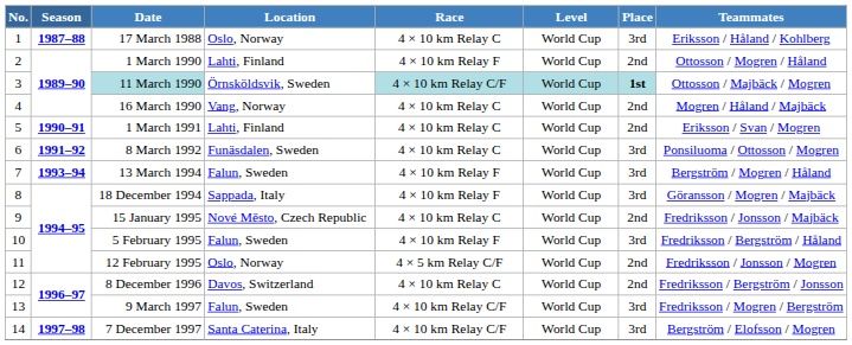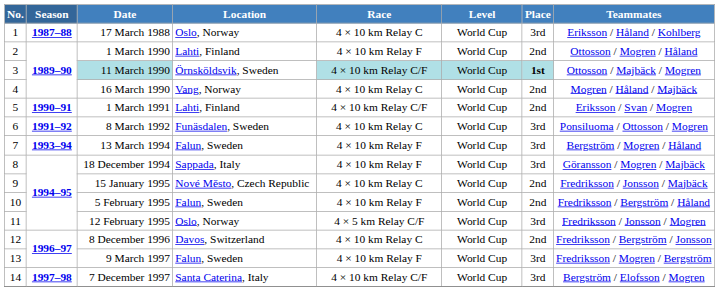 <table class="wikitable sortable" style="font-size:95%; text-align:center; border:grey solid 1px; border-collapse:collapse; background:#ffffff;">
 <tr style="background:#efefef;">
 <th style="background-color:#369; color:white;">No.</th>
 <th style="background-color:#369; color:white;">Season</th>
 <th style="background-color:#4180be; color:white; width:120px;">Date</th>
 <th style="background-color:#4180be; color:white; width:185px;">Location</th>
 <th style="background-color:#4180be; color:white; width:160px;">Race</th>
 <th style="background-color:#4180be; color:white; width:100px;">Level</th>
 <th style="background-color:#4180be; color:white;">Place</th>
 <th style="background-color:#4180be; color:white;">Teammates</th>
 </tr>
 <tr>
 <td align=center>1</td>
 <td rowspan=1 align=center><strong> <a href='#'>1987–88</a> </strong></td>
 <td align=right>17 March 1988</td>
 <td align=left> <a href='#'>Oslo</a>, Norway</td>
 <td>4 × 10 km Relay C</td>
 <td>World Cup</td>
 <td>3rd</td>
 <td><a href='#'>Eriksson</a> / <a href='#'>Håland</a> / <a href='#'>Kohlberg</a></td>
 </tr>
 <tr>
 <td align=center>2</td>
 <td rowspan=3 align=center><strong> <a href='#'>1989–90</a> </strong></td>
 <td align=right>1 March 1990</td>
 <td align=left> <a href='#'>Lahti</a>, Finland</td>
 <td>4 × 10 km Relay F</td>
 <td>World Cup</td>
 <td>2nd</td>
 <td><a href='#'>Ottosson</a> / <a href='#'>Mogren</a> / <a href='#'>Håland</a></td>
 </tr>
 <tr>
 <td align=center>3</td>
 <td bgcolor="#BOEOE6" align=right>11 March 1990</td>
 <td align=left> <a href='#'>Örnsköldsvik</a>, Sweden</td>
 <td bgcolor="#BOEOE6">4 × 10 km Relay C/F</td>
 <td bgcolor="#BOEOE6">World Cup</td>
 <td bgcolor="#BOEOE6"><strong>1st</strong></td>
 <td><a href='#'>Ottosson</a> / <a href='#'>Majbäck</a> / <a href='#'>Mogren</a></td>
 </tr>
 <tr>
 <td align=center>4</td>
 <td align=right>16 March 1990</td>
 <td align=left> <a href='#'>Vang</a>, Norway</td>
 <td>4 × 10 km Relay C</td>
 <td>World Cup</td>
 <td>2nd</td>
 <td><a href='#'>Mogren</a> / <a href='#'>Håland</a> / <a href='#'>Majbäck</a></td>
 </tr>
 <tr>
 <td align=center>5</td>
 <td rowspan=1 align=center><strong> <a href='#'>1990–91</a> </strong></td>
 <td align=right>1 March 1991</td>
 <td align=left> <a href='#'>Lahti</a>, Finland</td>
-<td>4 × 10 km Relay C</td>
+<td>4 × 10 km Relay C/F</td>
 <td>World Cup</td>
 <td>2nd</td>
 <td><a href='#'>Eriksson</a> / <a href='#'>Svan</a> /  <a href='#'>Mogren</a></td>
 </tr>
 <tr>
 <td align=center>6</td>
 <td rowspan=1 align=center><strong> <a href='#'>1991–92</a> </strong></td>
 <td align=right>8 March 1992</td>
 <td align=left> <a href='#'>Funäsdalen</a>, Sweden</td>
 <td>4 × 10 km Relay C</td>
 <td>World Cup</td>
 <td>3rd</td>
 <td><a href='#'>Ponsiluoma</a> / <a href='#'>Ottosson</a> / <a href='#'>Mogren</a></td>
 </tr>
 <tr>
 <td align=center>7</td>
 <td rowspan=1 align=center><strong> <a href='#'>1993–94</a> </strong></td>
 <td align=right>13 March 1994</td>
 <td align=left> <a href='#'>Falun</a>, Sweden</td>
 <td>4 × 10 km Relay F</td>
 <td>World Cup</td>
 <td>3rd</td>
 <td><a href='#'>Bergström</a> / <a href='#'>Mogren</a> / <a href='#'>Håland</a></td>
 </tr>
 <tr>
 <td align=center>8</td>
 <td rowspan=4 align=center><strong> <a href='#'>1994–95</a> </strong></td>
 <td align=right>18 December 1994</td>
 <td align=left> <a href='#'>Sappada</a>, Italy</td>
 <td>4 × 10 km Relay F</td>
 <td>World Cup</td>
 <td>3rd</td>
 <td><a href='#'>Göransson</a> / <a href='#'>Mogren</a> / <a href='#'>Majbäck</a></td>
 </tr>
 <tr>
 <td align=center>9</td>
 <td align=right>15 January 1995</td>
 <td align=left> <a href='#'>Nové Město</a>, Czech Republic</td>
 <td>4 × 10 km Relay C</td>
 <td>World Cup</td>
 <td>2nd</td>
 <td><a href='#'>Fredriksson</a> / <a href='#'>Jonsson</a> / <a href='#'>Majbäck</a></td>
 </tr>
 <tr>
 <td align=center>10</td>
 <td align=right>5 February 1995</td>
 <td align=left> <a href='#'>Falun</a>, Sweden</td>
 <td>4 × 10 km Relay F</td>
 <td>World Cup</td>
-<td>3rd</td>
+<td>2nd</td>
 <td><a href='#'>Fredriksson</a> / <a href='#'>Bergström</a> / <a href='#'>Håland</a></td>
 </tr>
 <tr>
 <td align=center>11</td>
 <td align=right>12 February 1995</td>
 <td align=left> <a href='#'>Oslo</a>, Norway</td>
 <td>4 × 5 km Relay C/F</td>
 <td>World Cup</td>
-<td>2nd</td>
+<td>3rd</td>
 <td><a href='#'>Fredriksson</a> / <a href='#'>Jonsson</a> / <a href='#'>Mogren</a></td>
 </tr>
 <tr>
 <td align=center>12</td>
 <td rowspan=2 align=center><strong> <a href='#'>1996–97</a> </strong></td>
 <td align=right>8 December 1996</td>
 <td align=left> <a href='#'>Davos</a>, Switzerland</td>
 <td>4 × 10 km Relay C</td>
 <td>World Cup</td>
 <td>2nd</td>
 <td><a href='#'>Fredriksson</a> / <a href='#'>Bergström</a>  / <a href='#'>Jonsson</a></td>
 </tr>
 <tr>
 <td align=center>13</td>
 <td align=right>9 March 1997</td>
 <td align=left> <a href='#'>Falun</a>, Sweden</td>
-<td>4 × 10 km Relay C/F</td>
+<td>4 × 10 km Relay F</td>
 <td>World Cup</td>
 <td>3rd</td>
 <td><a href='#'>Fredriksson</a> / <a href='#'>Mogren</a> / <a href='#'>Bergström</a></td>
 </tr>
 <tr>
 <td align=center>14</td>
 <td rowspan=1 align=center><strong> <a href='#'>1997–98</a> </strong></td>
 <td align=right>7 December 1997</td>
 <td align=left> <a href='#'>Santa Caterina</a>, Italy</td>
 <td>4 × 10 km Relay C/F</td>
 <td>World Cup</td>
 <td>3rd</td>
 <td><a href='#'>Bergström</a>  / <a href='#'>Elofsson</a> / <a href='#'>Mogren</a></td>
 </tr>
 <tr>
 </tr>
 </table>
